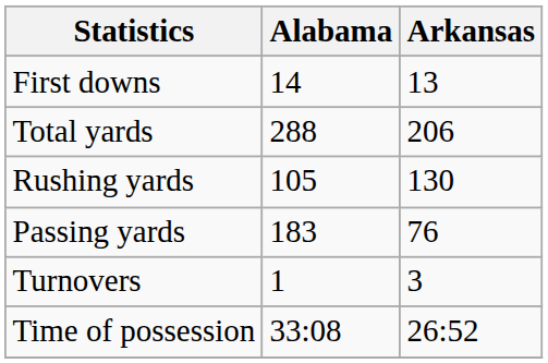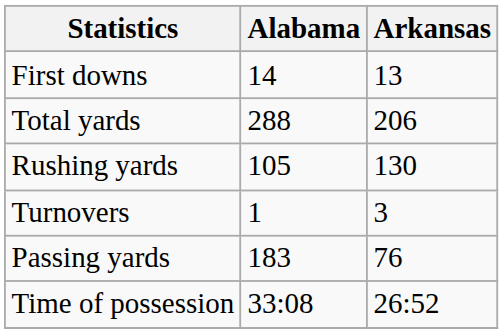 <table class="wikitable" style="float: left;">
 <tr>
 <th>Statistics</th>
 <th>Alabama</th>
 <th>Arkansas</th>
 </tr>
 <tr>
 <td>First downs</td>
 <td>14</td>
 <td>13</td>
 </tr>
 <tr>
 <td>Total yards</td>
 <td>288</td>
 <td>206</td>
 </tr>
 <tr>
 <td>Rushing yards</td>
 <td>105</td>
 <td>130</td>
 </tr>
 <tr>
+<td>Turnovers</td>
+<td>1</td>
+<td>3</td>
+</tr>
+<tr>
 <td>Passing yards</td>
 <td>183</td>
 <td>76</td>
-</tr>
-<tr>
-<td>Turnovers</td>
-<td>1</td>
-<td>3</td>
 </tr>
 <tr>
 <td>Time of possession</td>
 <td>33:08</td>
 <td>26:52</td>
 </tr>
 <tr>
 </tr>
 </table>
